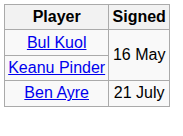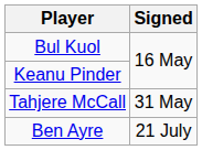 <table class="wikitable sortable sortable" style="text-align: center">
 <tr>
 <th>Player</th>
 <th>Signed</th>
 </tr>
 <tr>
 <td><a href='#'>Bul Kuol</a></td>
 <td rowspan="2">16 May</td>
 </tr>
 <tr>
 <td><a href='#'>Keanu Pinder</a></td>
 </tr>
 <tr>
+<td><a href='#'>Tahjere McCall</a></td>
+<td>31 May</td>
+</tr>
+<tr>
 <td><a href='#'>Ben Ayre</a></td>
 <td>21 July</td>
 </tr>
 </table>
